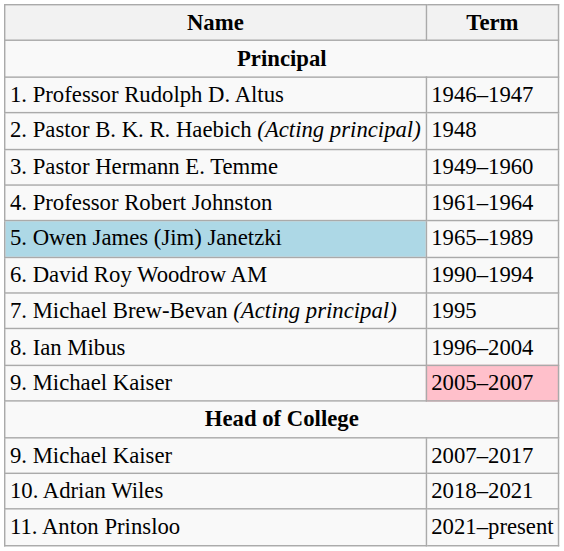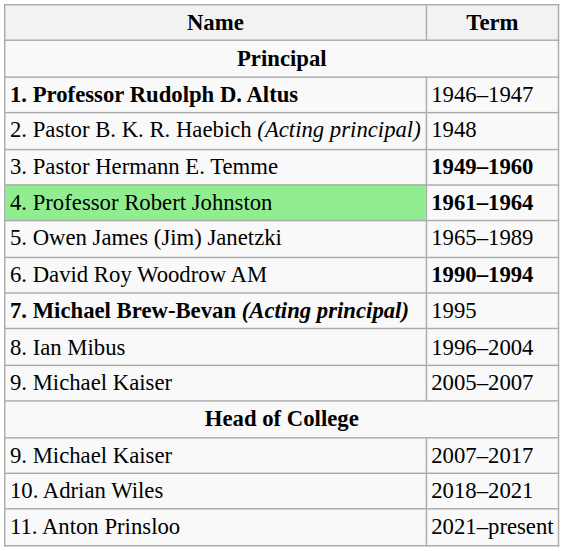 <table class="wikitable">
 <tr>
 <th>Name</th>
 <th>Term</th>
 </tr>
 <tr>
 <td colspan="2" style="text-align: center;"><strong>Principal</strong></td>
 </tr>
 <tr>
-<td>1. Professor Rudolph D. Altus</td>
+<td><strong>1. Professor Rudolph D. Altus</strong></td>
 <td>1946–1947</td>
 </tr>
 <tr>
 <td>2. Pastor B. K. R. Haebich <em>(Acting principal)</em></td>
 <td>1948</td>
 </tr>
 <tr>
 <td>3. Pastor Hermann E. Temme</td>
-<td>1949–1960</td>
+<td><strong>1949–1960</strong></td>
 </tr>
 <tr>
-<td>4. Professor Robert Johnston</td>
-<td>1961–1964</td>
+<td style="background: lightgreen;">4. Professor Robert Johnston</td>
+<td><strong>1961–1964</strong></td>
 </tr>
 <tr>
-<td style="background: lightblue;">5. Owen James (Jim) Janetzki</td>
+<td>5. Owen James (Jim) Janetzki</td>
 <td>1965–1989</td>
 </tr>
 <tr>
 <td>6. David Roy Woodrow AM</td>
-<td>1990–1994</td>
+<td><strong>1990–1994</strong></td>
 </tr>
 <tr>
-<td>7. Michael Brew-Bevan <em>(Acting principal)</em></td>
+<td><strong>7. Michael Brew-Bevan <em>(Acting principal)</em></strong></td>
 <td>1995</td>
 </tr>
 <tr>
 <td>8. Ian Mibus</td>
 <td>1996–2004</td>
 </tr>
 <tr>
 <td>9. Michael Kaiser</td>
-<td style="background: pink;">2005–2007</td>
+<td>2005–2007</td>
 </tr>
 <tr>
 <td colspan="2" style="text-align: center;"><strong>Head of College</strong></td>
 </tr>
 <tr>
 <td>9. Michael Kaiser</td>
 <td>2007–2017</td>
 </tr>
 <tr>
 <td>10. Adrian Wiles</td>
 <td>2018–2021</td>
 </tr>
 <tr>
 <td>11. Anton Prinsloo</td>
 <td>2021–present</td>
 </tr>
 </table>
